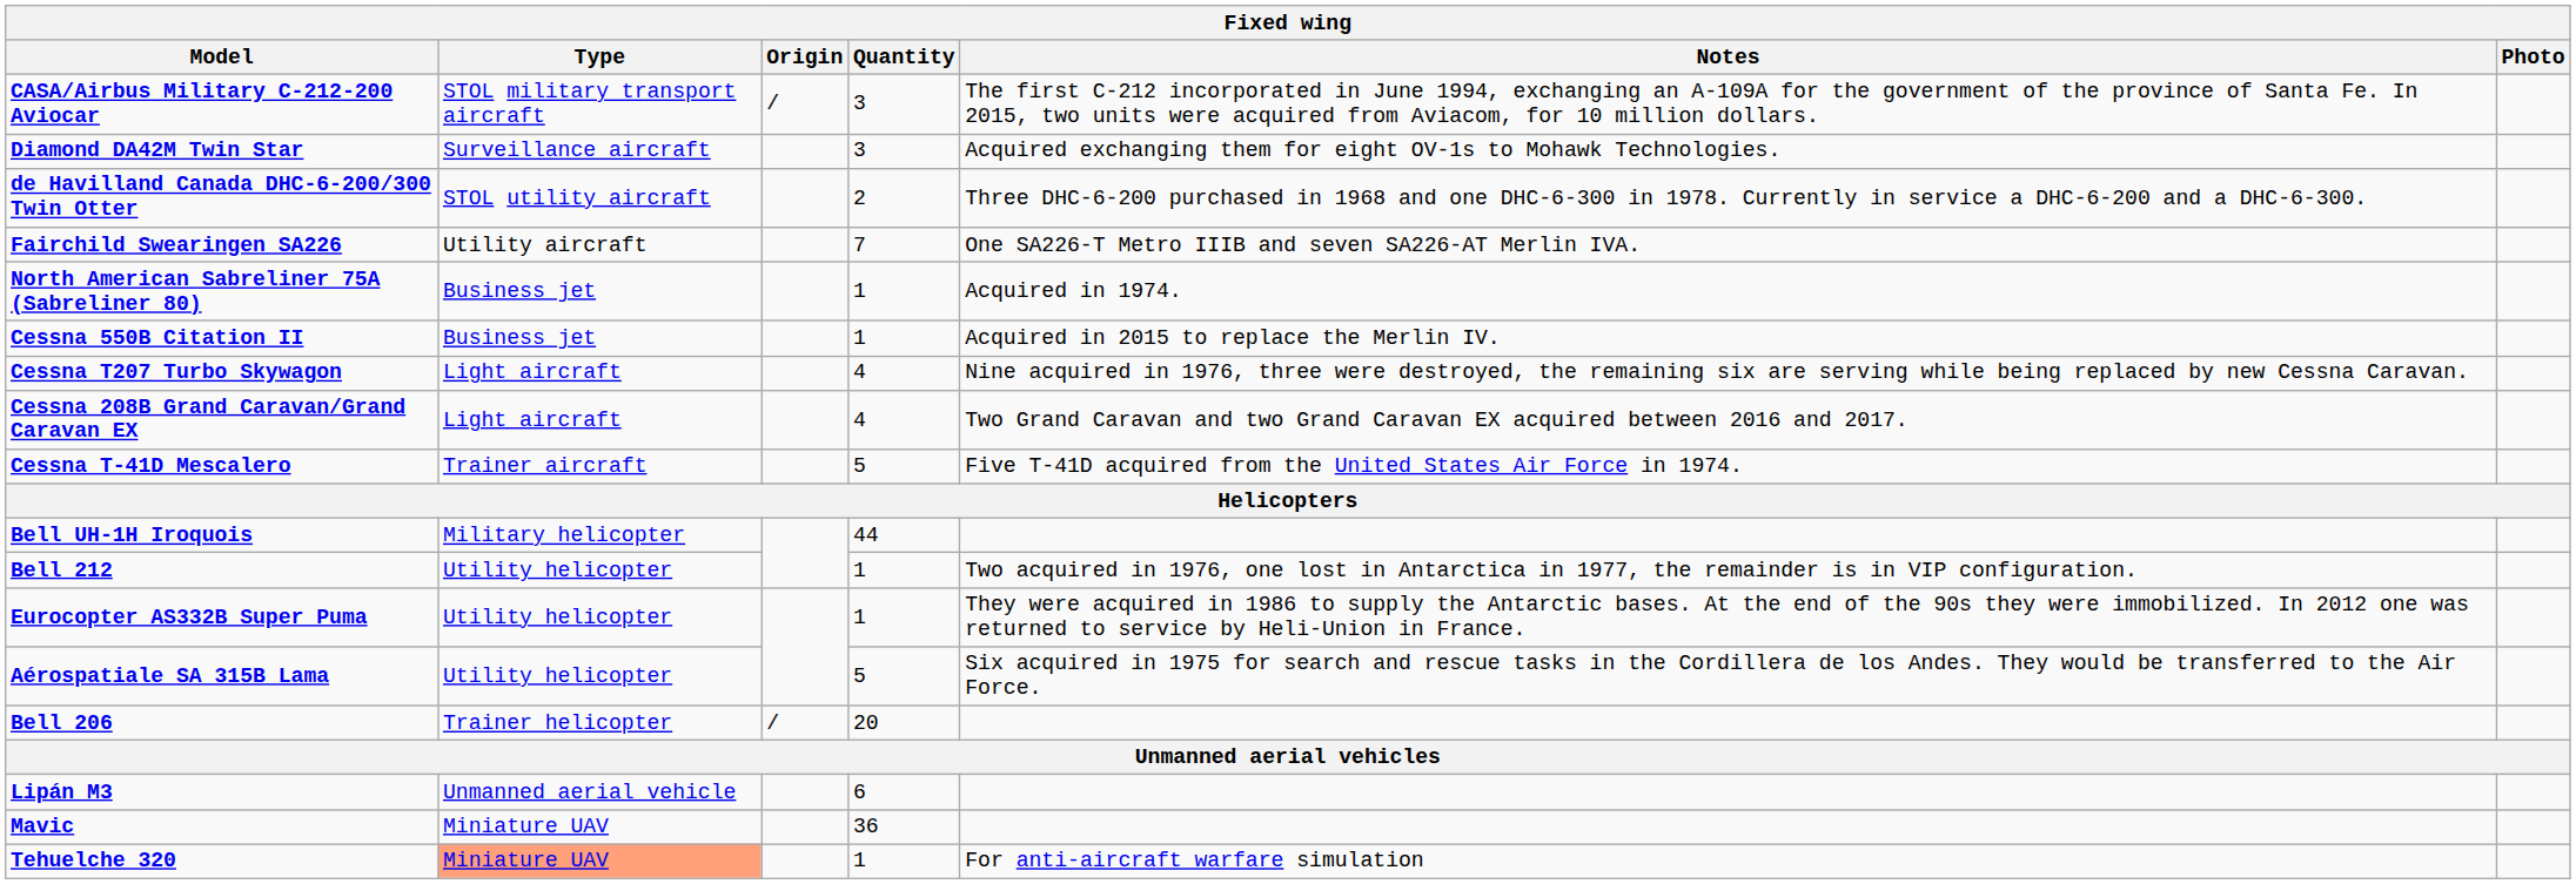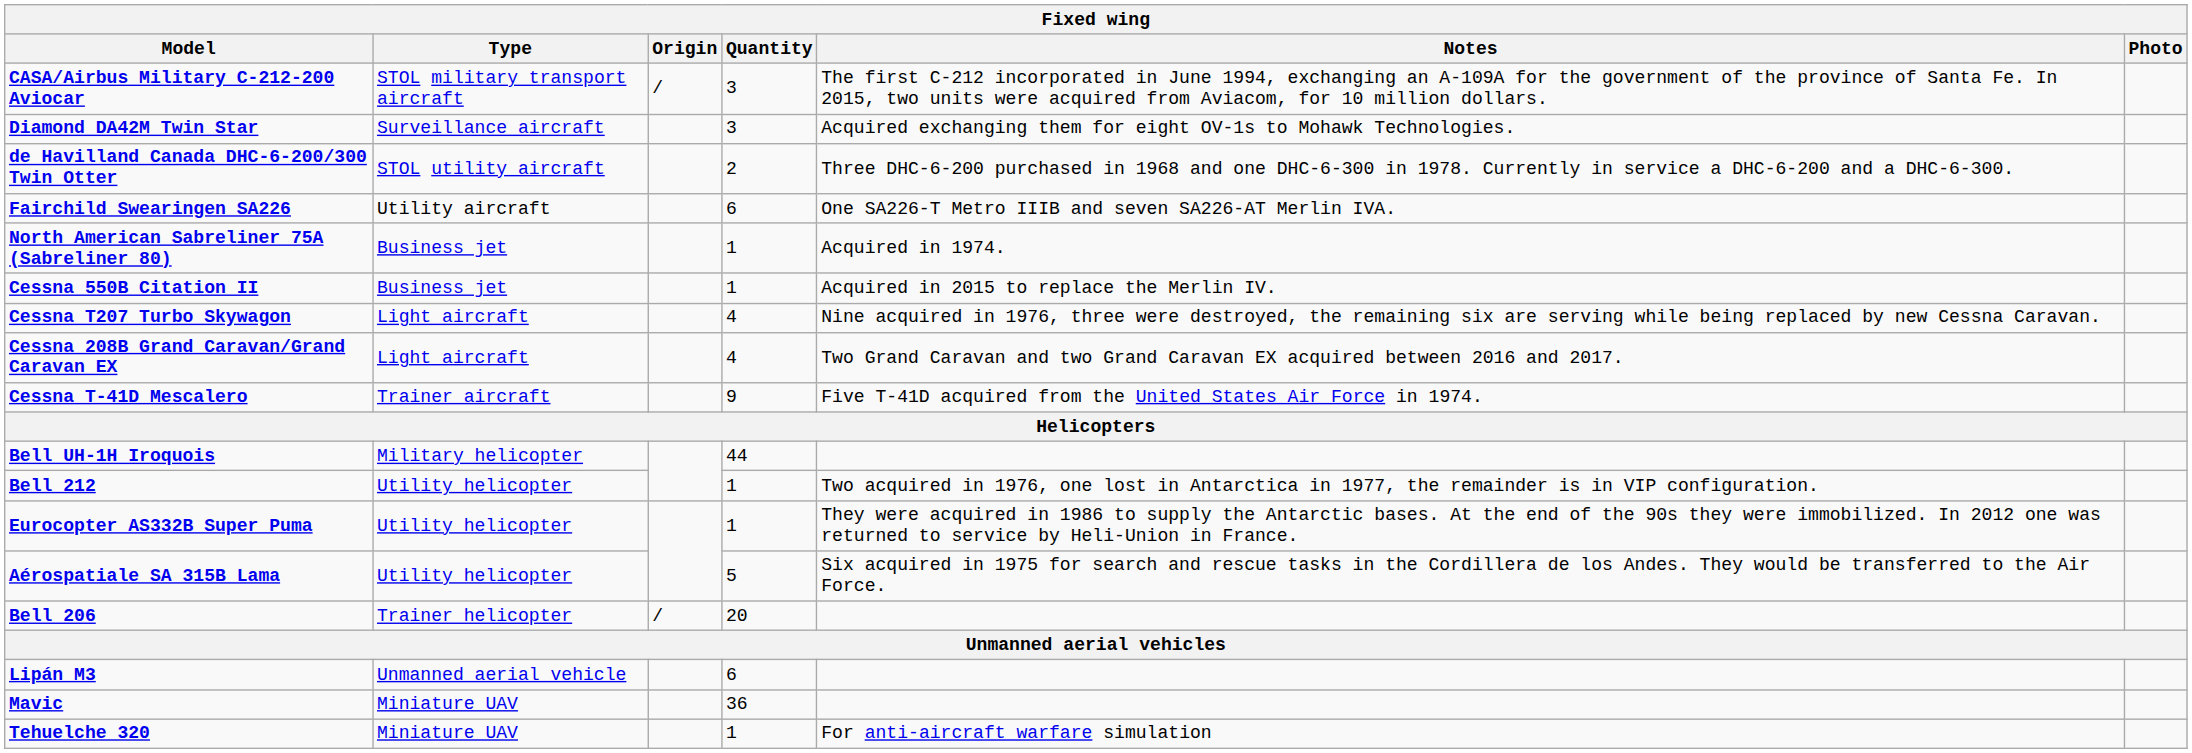 <table class="wikitable">
 <tr>
 <th style="align: center; background: light grey;" colspan="7">Fixed wing</th>
 </tr>
 <tr>
 <th>Model</th>
 <th>Type</th>
 <th>Origin</th>
 <th>Quantity</th>
 <th>Notes</th>
 <th>Photo</th>
 </tr>
 <tr>
 <td><a href='#'><strong>CASA/Airbus Military C-212-200 Aviocar</strong></a></td>
 <td><a href='#'>STOL</a> <a href='#'>military transport aircraft</a></td>
 <td> / </td>
 <td>3</td>
 <td>The first C-212 incorporated in June 1994, exchanging an A-109A for the government of the province of Santa Fe. In 2015, two units were acquired from Aviacom, for 10 million dollars.</td>
 <td></td>
 </tr>
 <tr>
 <td><a href='#'><strong>Diamond DA42M Twin Star</strong></a></td>
 <td><a href='#'>Surveillance aircraft</a></td>
 <td></td>
 <td>3</td>
 <td>Acquired exchanging them for eight OV-1s to Mohawk Technologies.</td>
 <td></td>
 </tr>
 <tr>
 <td><a href='#'><strong>de Havilland Canada DHC-6-200/300 Twin Otter</strong></a></td>
 <td><a href='#'>STOL</a> <a href='#'>utility aircraft</a></td>
 <td></td>
 <td>2</td>
 <td>Three DHC-6-200 purchased in 1968 and one DHC-6-300 in 1978. Currently in service a DHC-6-200 and a DHC-6-300.</td>
 <td></td>
 </tr>
 <tr>
 <td><a href='#'><strong>Fairchild Swearingen SA226</strong></a></td>
 <td>Utility aircraft</td>
 <td></td>
-<td>7</td>
+<td>6</td>
 <td>One SA226-T Metro IIIB and seven SA226-AT Merlin IVA.</td>
 <td></td>
 </tr>
 <tr>
 <td><strong><a href='#'>North American Sabreliner 75A (Sabreliner 80)</a></strong></td>
 <td><a href='#'>Business jet</a></td>
 <td></td>
 <td>1</td>
 <td>Acquired in 1974.</td>
 <td></td>
 </tr>
 <tr>
 <td><a href='#'><strong>Cessna 550B Citation II</strong></a></td>
 <td><a href='#'>Business jet</a></td>
 <td></td>
 <td>1</td>
 <td>Acquired in 2015 to replace the Merlin IV.</td>
 <td></td>
 </tr>
 <tr>
 <td><a href='#'><strong>Cessna T207 Turbo Skywagon</strong></a></td>
 <td><a href='#'>Light aircraft</a></td>
 <td></td>
 <td>4</td>
 <td>Nine acquired in 1976, three were destroyed, the remaining six are serving while being replaced by new Cessna Caravan.</td>
 <td></td>
 </tr>
 <tr>
 <td><a href='#'><strong>Cessna 208B Grand Caravan/Grand Caravan EX</strong></a></td>
 <td><a href='#'>Light aircraft</a></td>
 <td></td>
 <td>4</td>
 <td>Two Grand Caravan and two Grand Caravan EX acquired between 2016 and 2017.</td>
 <td></td>
 </tr>
 <tr>
 <td><a href='#'><strong>Cessna T-41D Mescalero</strong></a></td>
 <td><a href='#'>Trainer aircraft</a></td>
 <td></td>
-<td>5</td>
+<td>9</td>
 <td>Five T-41D acquired from the <a href='#'>United States Air Force</a> in 1974.</td>
 <td></td>
 </tr>
 <tr>
 <th style="align: center; background: light grey;" colspan="7">Helicopters</th>
 </tr>
 <tr>
 <td><a href='#'><strong>Bell UH-1H Iroquois</strong></a></td>
 <td><a href='#'>Military helicopter</a></td>
 <td rowspan="2"></td>
 <td>44</td>
 <td></td>
 <td></td>
 </tr>
 <tr>
 <td><strong><a href='#'>Bell 212</a></strong></td>
 <td><a href='#'>Utility helicopter</a></td>
 <td>1</td>
 <td>Two acquired in 1976, one lost in Antarctica in 1977, the remainder is in VIP configuration.</td>
 <td></td>
 </tr>
 <tr>
 <td><a href='#'><strong>Eurocopter AS332B Super Puma</strong></a></td>
 <td><a href='#'>Utility helicopter</a></td>
 <td rowspan="2"></td>
 <td>1</td>
 <td>They were acquired in 1986 to supply the Antarctic bases. At the end of the 90s they were immobilized. In 2012 one was returned to service by Heli-Union in France.</td>
 <td></td>
 </tr>
 <tr>
 <td><strong><a href='#'>Aérospatiale SA 315B Lama</a></strong></td>
 <td><a href='#'>Utility helicopter</a></td>
 <td>5</td>
 <td>Six acquired in 1975 for search and rescue tasks in the Cordillera de los Andes. They would be transferred to the Air Force.</td>
 <td></td>
 </tr>
 <tr>
 <td><strong><a href='#'>Bell 206</a></strong></td>
 <td><a href='#'>Trainer helicopter</a></td>
 <td> / </td>
 <td>20</td>
 <td></td>
 <td></td>
 </tr>
 <tr>
 <th colspan="7">Unmanned aerial vehicles</th>
 </tr>
 <tr>
 <td><strong><a href='#'>Lipán M3</a></strong></td>
 <td><a href='#'>Unmanned aerial vehicle</a></td>
 <td></td>
 <td>6</td>
 <td></td>
 <td></td>
 </tr>
 <tr>
 <td><a href='#'><strong>Mavic</strong></a></td>
 <td><a href='#'>Miniature UAV</a></td>
 <td></td>
 <td>36</td>
 <td></td>
 <td></td>
 </tr>
 <tr>
 <td><a href='#'><strong>Tehuelche 320</strong></a></td>
-<td style="background: lightsalmon;"><a href='#'>Miniature UAV</a></td>
+<td><a href='#'>Miniature UAV</a></td>
 <td></td>
 <td>1</td>
 <td>For <a href='#'>anti-aircraft warfare</a> simulation</td>
 <td></td>
 </tr>
 </table>
